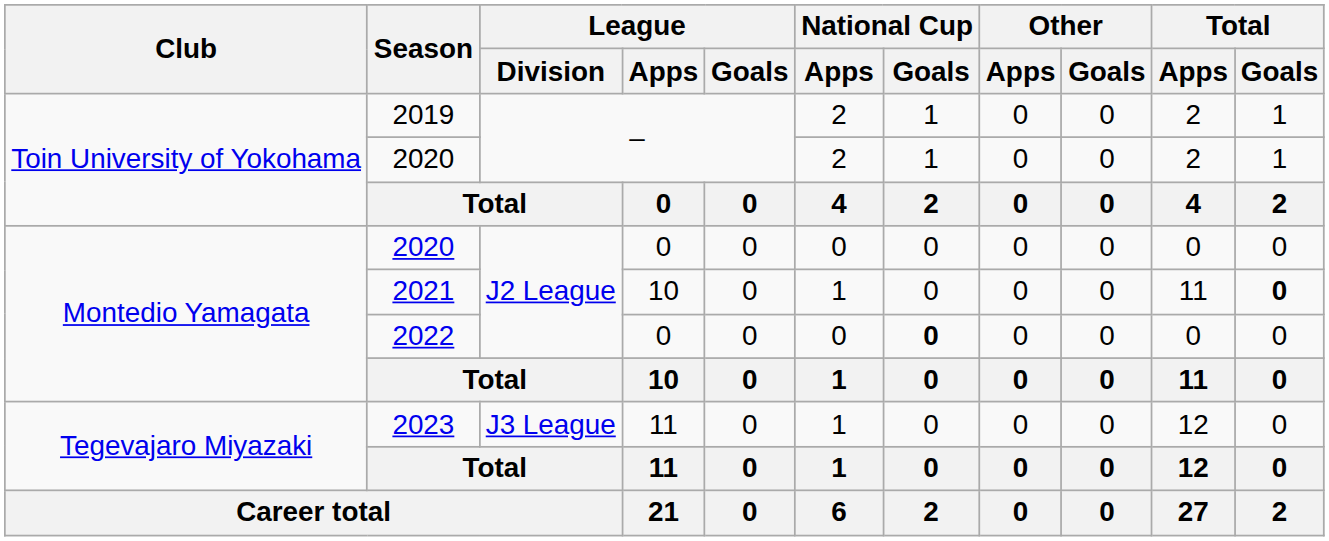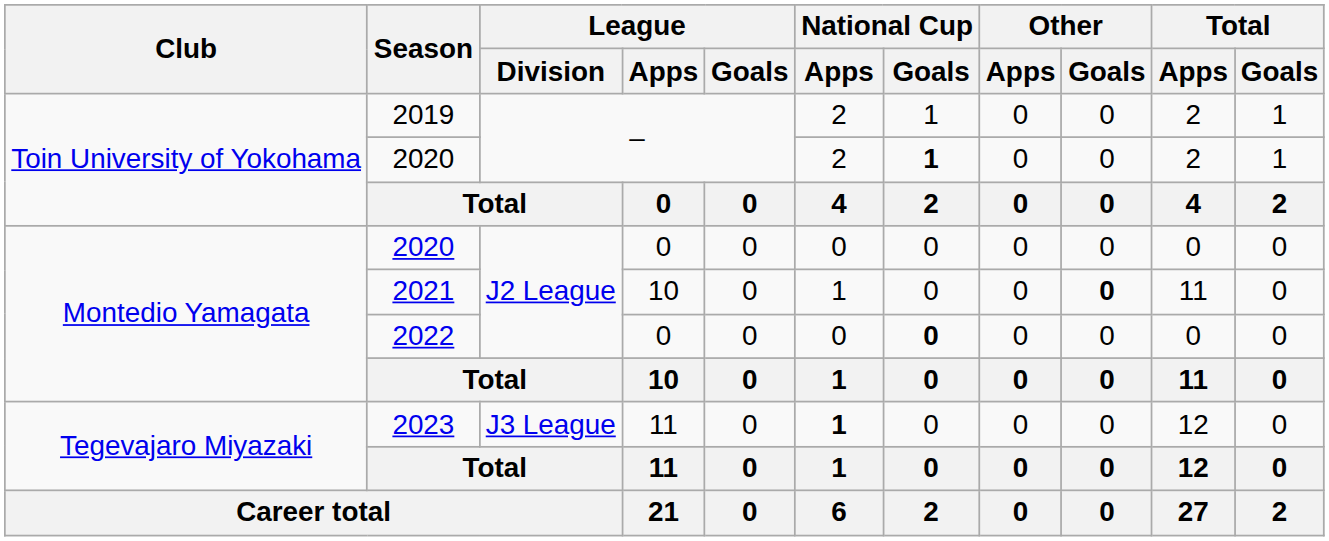 <table class="wikitable" style="text-align: center">
 <tr>
 <th rowspan="2">Club</th>
 <th rowspan="2">Season</th>
 <th colspan="3">League</th>
 <th colspan="2">National Cup</th>
 <th colspan="2">Other</th>
 <th colspan="2">Total</th>
 </tr>
 <tr>
 <th>Division</th>
 <th>Apps</th>
 <th>Goals</th>
 <th>Apps</th>
 <th>Goals</th>
 <th>Apps</th>
 <th>Goals</th>
 <th>Apps</th>
 <th>Goals</th>
 </tr>
 <tr>
 <td rowspan="3"><a href='#'>Toin University of Yokohama</a></td>
 <td>2019</td>
 <td colspan="3" rowspan="2">–</td>
 <td>2</td>
 <td>1</td>
 <td>0</td>
 <td>0</td>
 <td>2</td>
 <td>1</td>
 </tr>
 <tr>
 <td>2020</td>
 <td>2</td>
-<td>1</td>
+<td><strong>1</strong></td>
 <td>0</td>
 <td>0</td>
 <td>2</td>
 <td>1</td>
 </tr>
 <tr>
 <th colspan=2>Total</th>
 <th>0</th>
 <th>0</th>
 <th>4</th>
 <th>2</th>
 <th>0</th>
 <th>0</th>
 <th>4</th>
 <th>2</th>
 </tr>
 <tr>
 <td rowspan="4"><a href='#'>Montedio Yamagata</a></td>
 <td><a href='#'>2020</a></td>
 <td rowspan="3"><a href='#'>J2 League</a></td>
 <td>0</td>
 <td>0</td>
 <td>0</td>
 <td>0</td>
 <td>0</td>
 <td>0</td>
 <td>0</td>
 <td>0</td>
 </tr>
 <tr>
 <td><a href='#'>2021</a></td>
 <td>10</td>
 <td>0</td>
 <td>1</td>
 <td>0</td>
 <td>0</td>
+<td><strong>0</strong></td>
+<td>11</td>
 <td>0</td>
-<td>11</td>
-<td><strong>0</strong></td>
 </tr>
 <tr>
 <td><a href='#'>2022</a></td>
 <td>0</td>
 <td>0</td>
 <td>0</td>
 <td><strong>0</strong></td>
 <td>0</td>
 <td>0</td>
 <td>0</td>
 <td>0</td>
 </tr>
 <tr>
 <th colspan=2>Total</th>
 <th>10</th>
 <th>0</th>
 <th>1</th>
 <th>0</th>
 <th>0</th>
 <th>0</th>
 <th>11</th>
 <th>0</th>
 </tr>
 <tr>
 <td rowspan="2"><a href='#'>Tegevajaro Miyazaki</a></td>
 <td><a href='#'>2023</a></td>
 <td><a href='#'>J3 League</a></td>
 <td>11</td>
 <td>0</td>
-<td>1</td>
+<td><strong>1</strong></td>
 <td>0</td>
 <td>0</td>
 <td>0</td>
 <td>12</td>
 <td>0</td>
 </tr>
 <tr>
 <th colspan=2>Total</th>
 <th>11</th>
 <th>0</th>
 <th>1</th>
 <th>0</th>
 <th>0</th>
 <th>0</th>
 <th>12</th>
 <th>0</th>
 </tr>
 <tr>
 <th colspan=3>Career total</th>
 <th>21</th>
 <th>0</th>
 <th>6</th>
 <th>2</th>
 <th>0</th>
 <th>0</th>
 <th>27</th>
 <th>2</th>
 </tr>
 </table>
